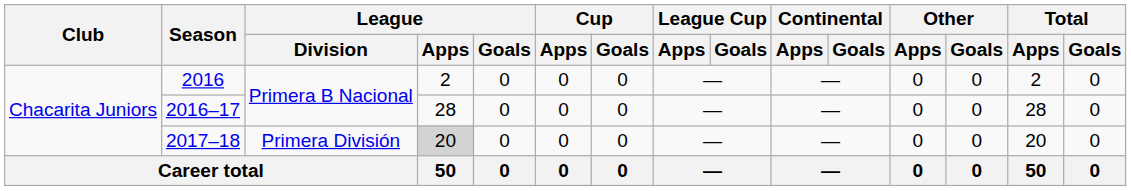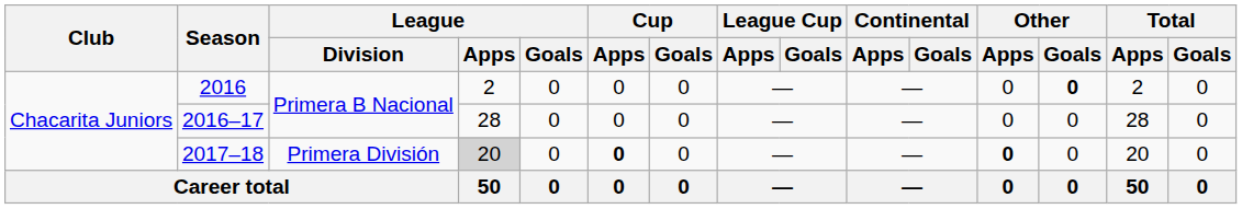 <table class="wikitable" style="text-align:center">
 <tr>
 <th rowspan="2">Club</th>
 <th rowspan="2">Season</th>
 <th colspan="3">League</th>
 <th colspan="2">Cup</th>
 <th colspan="2">League Cup</th>
 <th colspan="2">Continental</th>
 <th colspan="2">Other</th>
 <th colspan="2">Total</th>
 </tr>
 <tr>
 <th>Division</th>
 <th>Apps</th>
 <th>Goals</th>
 <th>Apps</th>
 <th>Goals</th>
 <th>Apps</th>
 <th>Goals</th>
 <th>Apps</th>
 <th>Goals</th>
 <th>Apps</th>
 <th>Goals</th>
 <th>Apps</th>
 <th>Goals</th>
 </tr>
 <tr>
 <td rowspan="3"><a href='#'>Chacarita Juniors</a></td>
 <td><a href='#'>2016</a></td>
 <td rowspan="2"><a href='#'>Primera B Nacional</a></td>
 <td>2</td>
 <td>0</td>
 <td>0</td>
 <td>0</td>
 <td colspan="2">—</td>
 <td colspan="2">—</td>
 <td>0</td>
-<td>0</td>
+<td><strong>0</strong></td>
 <td>2</td>
 <td>0</td>
 </tr>
 <tr>
 <td><a href='#'>2016–17</a></td>
 <td>28</td>
 <td>0</td>
 <td>0</td>
 <td>0</td>
 <td colspan="2">—</td>
 <td colspan="2">—</td>
 <td>0</td>
 <td>0</td>
 <td>28</td>
 <td>0</td>
 </tr>
 <tr>
 <td><a href='#'>2017–18</a></td>
 <td rowspan="1"><a href='#'>Primera División</a></td>
 <td style="background: lightgrey;">20</td>
 <td>0</td>
-<td>0</td>
+<td><strong>0</strong></td>
 <td>0</td>
 <td colspan="2">—</td>
 <td colspan="2">—</td>
-<td>0</td>
+<td><strong>0</strong></td>
 <td>0</td>
 <td>20</td>
 <td>0</td>
 </tr>
 <tr>
 <th colspan="3">Career total</th>
 <th>50</th>
 <th>0</th>
 <th>0</th>
 <th>0</th>
 <th colspan="2">—</th>
 <th colspan="2">—</th>
 <th>0</th>
 <th>0</th>
 <th>50</th>
 <th>0</th>
 </tr>
 </table>
